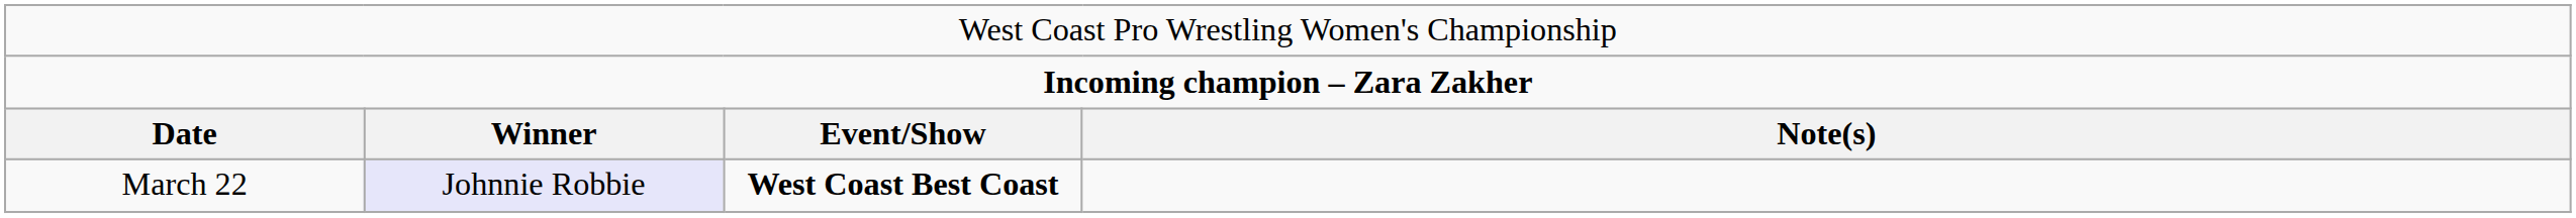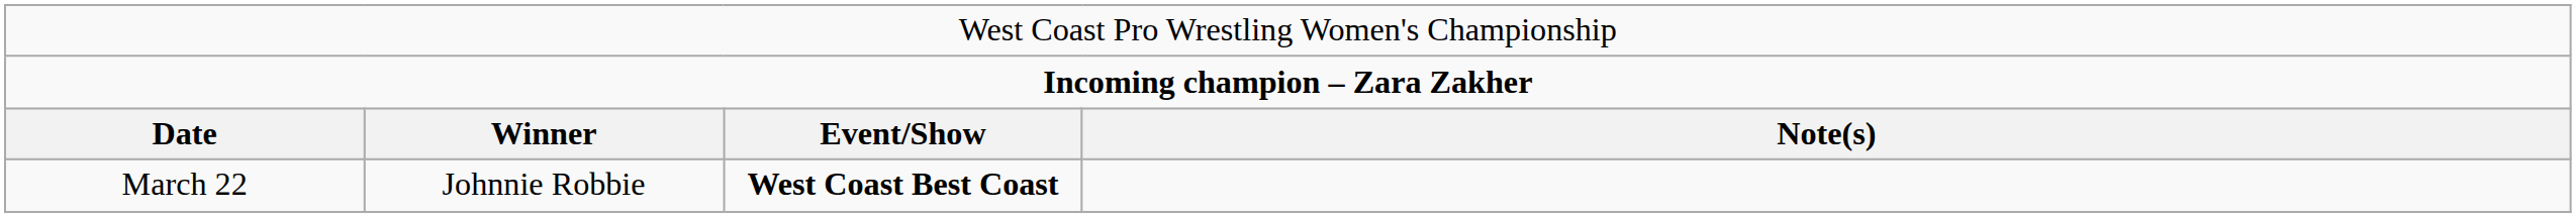 <table class="wikitable" style="text-align:center; width:100%;">
 <tr>
 <td colspan="4" style="text-align: center;">West Coast Pro Wrestling Women's Championship</td>
 </tr>
 <tr>
 <td colspan="4" style="text-align: center;"><strong>Incoming champion – Zara Zakher</strong></td>
 </tr>
 <tr>
 <th width="14%">Date</th>
 <th width="14%">Winner</th>
 <th width="14%">Event/Show</th>
 <th width="58%">Note(s)</th>
 </tr>
 <tr>
 <td>March 22</td>
-<td style="background: lavender;">Johnnie Robbie</td>
+<td>Johnnie Robbie</td>
 <td><strong>West Coast Best Coast</strong></td>
 <td></td>
 </tr>
 </table>
